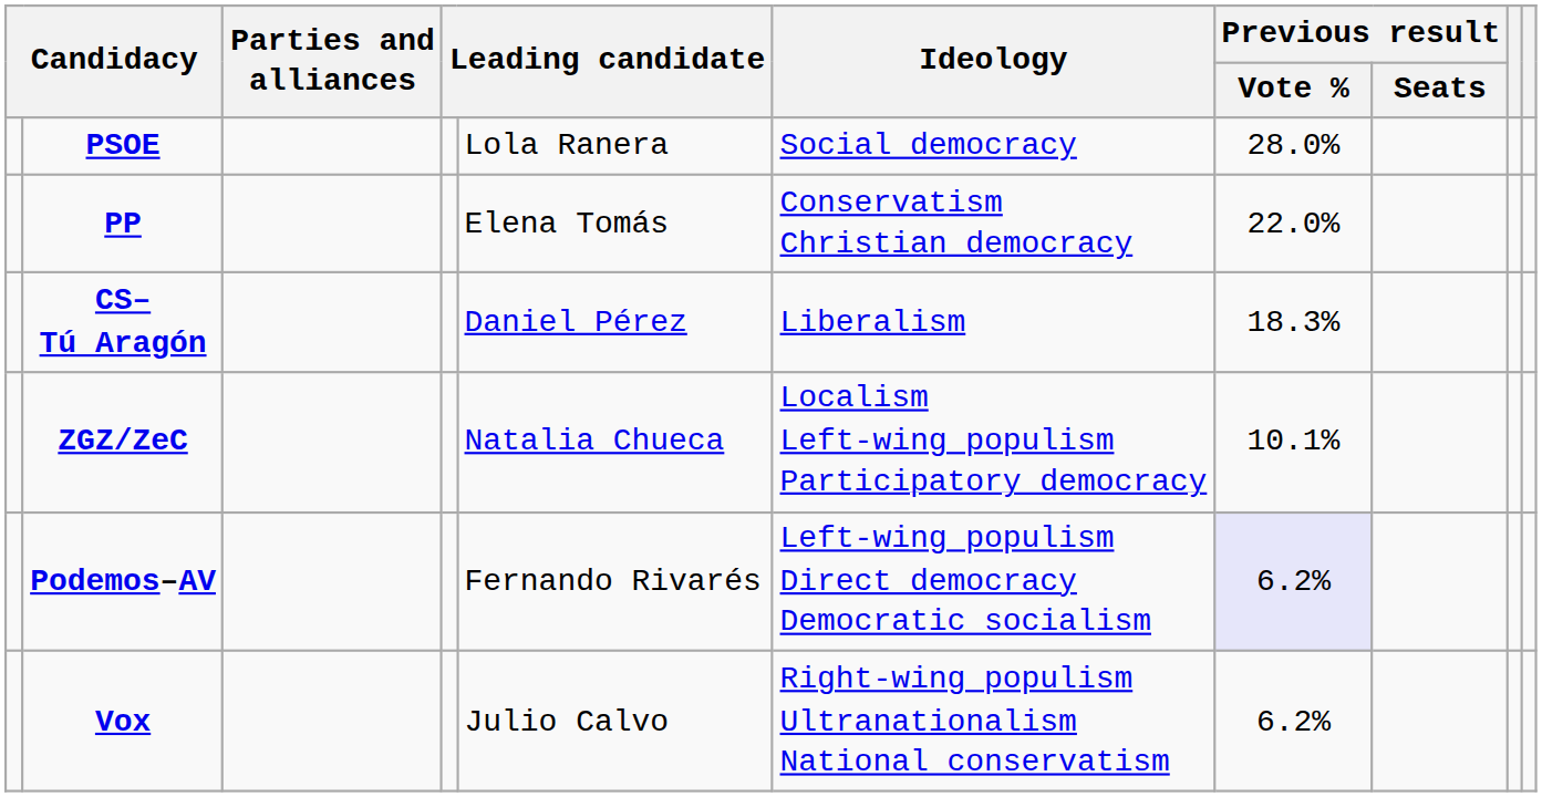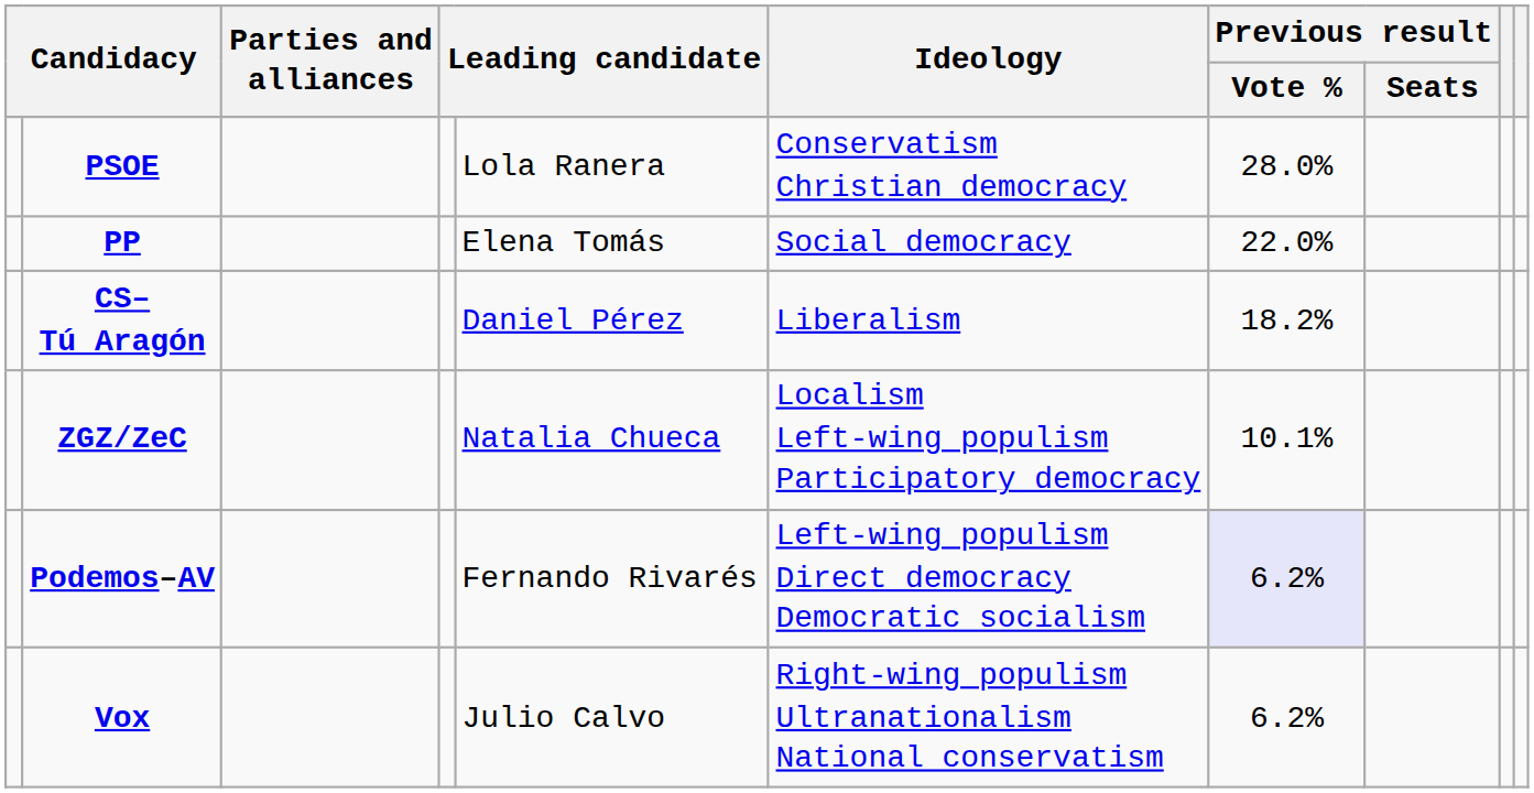 <table class="wikitable" style="line-height:1.35em; text-align:left;">
 <tr>
 <th colspan="2" rowspan="2">Candidacy</th>
 <th rowspan="2">Parties and<br>alliances</th>
 <th colspan="2" rowspan="2">Leading candidate</th>
 <th rowspan="2">Ideology</th>
 <th colspan="2">Previous result</th>
 <th rowspan="2"></th>
 <th rowspan="2"></th>
 </tr>
 <tr>
 <th>Vote %</th>
 <th>Seats</th>
 </tr>
 <tr>
 <td width="1" style="color:inherit;background:"></td>
 <td align="center"><strong><a href='#'>PSOE</a></strong></td>
 <td></td>
 <td></td>
 <td>Lola Ranera</td>
-<td><a href='#'>Social democracy</a></td>
+<td><a href='#'>Conservatism</a><br><a href='#'>Christian democracy</a></td>
 <td align="center">28.0%</td>
 <td></td>
 <td></td>
 <td></td>
 </tr>
 <tr>
 <td style="color:inherit;background:"></td>
 <td align="center"><strong><a href='#'>PP</a></strong></td>
 <td></td>
 <td></td>
 <td>Elena Tomás</td>
-<td><a href='#'>Conservatism</a><br><a href='#'>Christian democracy</a></td>
+<td><a href='#'>Social democracy</a></td>
 <td align="center">22.0%</td>
 <td></td>
 <td></td>
 <td><br></td>
 </tr>
 <tr>
 <td style="color:inherit;background:"></td>
 <td align="center"><strong><a href='#'>CS–<br>Tú Aragón</a></strong></td>
 <td></td>
 <td></td>
 <td><a href='#'>Daniel Pérez</a></td>
 <td><a href='#'>Liberalism</a></td>
-<td align="center">18.3%</td>
+<td align="center">18.2%</td>
 <td></td>
 <td></td>
 <td><br></td>
 </tr>
 <tr>
 <td style="color:inherit;background:"></td>
 <td align="center"><strong><a href='#'>ZGZ/ZeC</a></strong></td>
 <td></td>
 <td></td>
 <td><a href='#'>Natalia Chueca</a></td>
 <td><a href='#'>Localism</a><br><a href='#'>Left-wing populism</a><br><a href='#'>Participatory democracy</a></td>
 <td align="center">10.1%</td>
 <td></td>
 <td></td>
 <td></td>
 </tr>
 <tr>
 <td style="color:inherit;background:"></td>
 <td align="center"><strong><a href='#'>Podemos</a>–<a href='#'>AV</a></strong></td>
 <td></td>
 <td></td>
 <td>Fernando Rivarés</td>
 <td><a href='#'>Left-wing populism</a><br><a href='#'>Direct democracy</a><br><a href='#'>Democratic socialism</a></td>
 <td align="center" style="background: lavender;">6.2%</td>
 <td></td>
 <td></td>
 <td></td>
 </tr>
 <tr>
 <td style="color:inherit;background:"></td>
 <td align="center"><strong><a href='#'>Vox</a></strong></td>
 <td></td>
 <td></td>
 <td>Julio Calvo</td>
 <td><a href='#'>Right-wing populism</a><br><a href='#'>Ultranationalism</a><br><a href='#'>National conservatism</a></td>
 <td align="center">6.2%</td>
 <td></td>
 <td></td>
 <td></td>
 </tr>
 </table>
